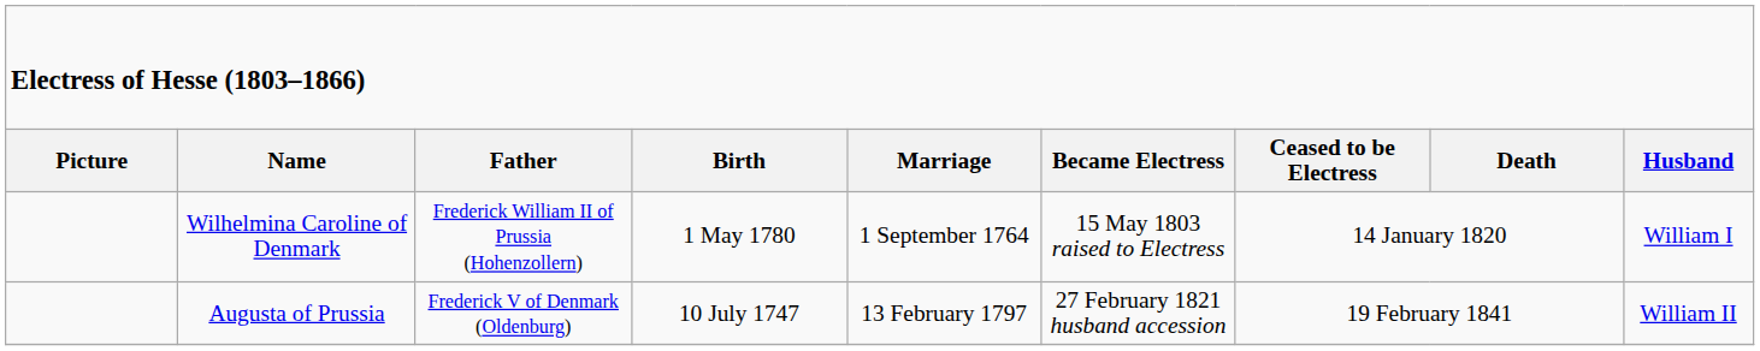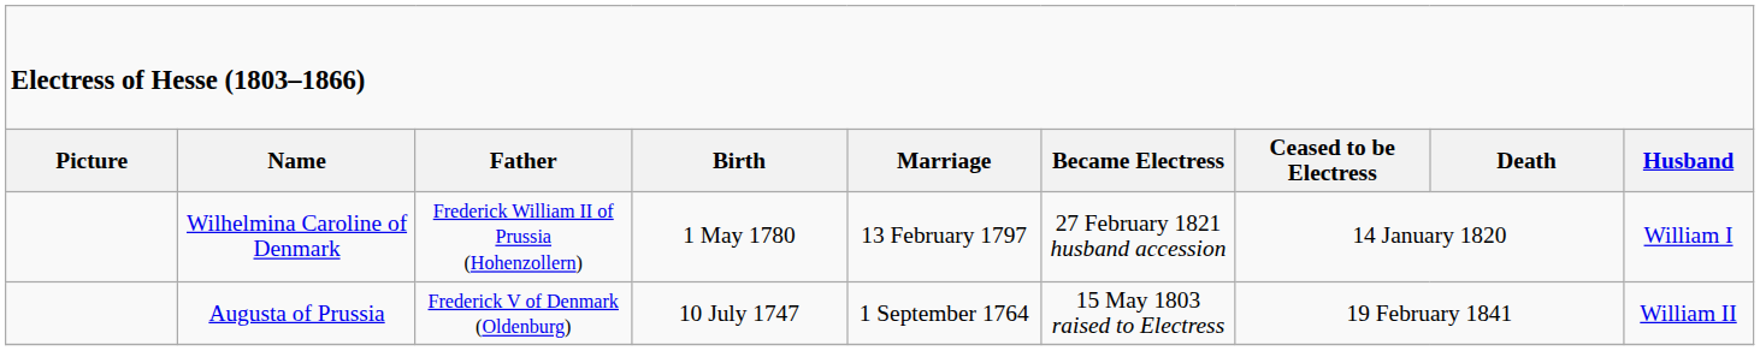 <table width=95% class="wikitable">
 <tr>
 <td colspan="9"><br><h3>Electress of Hesse (1803–1866)</h3></td>
 </tr>
 <tr>
 <th width = "8%">Picture</th>
 <th width = "11%">Name</th>
 <th width = "10%">Father</th>
 <th width = "10%">Birth</th>
 <th width = "9%">Marriage</th>
 <th width = "9%">Became Electress</th>
 <th width = "9%">Ceased to be Electress</th>
 <th width = "9%">Death</th>
 <th width = "6%"><a href='#'>Husband</a></th>
 </tr>
 <tr>
 <td align="center"></td>
 <td align="center"><a href='#'>Wilhelmina Caroline of Denmark</a></td>
 <td align="center"><small><a href='#'>Frederick William II of Prussia</a><br>(<a href='#'>Hohenzollern</a>)</small></td>
 <td align="center">1 May 1780</td>
-<td align="center">1 September 1764</td>
-<td align="center">15 May 1803<br><em>raised to Electress</em></td>
+<td align="center">13 February 1797</td>
+<td align="center">27 February 1821<br><em>husband accession</em></td>
 <td align="center" colspan="2">14 January 1820</td>
 <td align="center"><a href='#'>William I</a></td>
 </tr>
 <tr>
 <td align="center"></td>
 <td align="center"><a href='#'>Augusta of Prussia</a></td>
 <td align="center"><small><a href='#'>Frederick V of Denmark</a><br>(<a href='#'>Oldenburg</a>)</small></td>
 <td align="center">10 July 1747</td>
-<td align="center">13 February 1797</td>
-<td align="center">27 February 1821<br><em>husband accession</em></td>
+<td align="center">1 September 1764</td>
+<td align="center">15 May 1803<br><em>raised to Electress</em></td>
 <td align="center" colspan="2">19 February 1841</td>
 <td align="center"><a href='#'>William II</a></td>
 </tr>
 <tr>
 </tr>
 </table>
